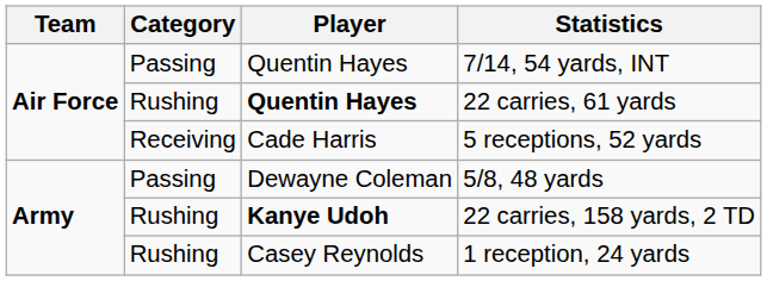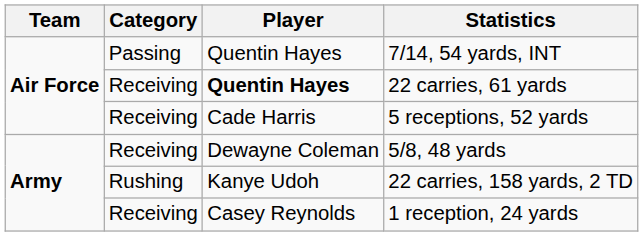 <table class="wikitable" style="float: right;">
 <tr>
 <th>Team</th>
 <th>Category</th>
 <th>Player</th>
 <th>Statistics</th>
 </tr>
 <tr>
 <td rowspan=3><strong>Air Force</strong></td>
 <td>Passing</td>
 <td>Quentin Hayes</td>
 <td>7/14, 54 yards, INT</td>
 </tr>
 <tr>
-<td>Rushing</td>
+<td>Receiving</td>
 <td><strong>Quentin Hayes</strong></td>
 <td>22 carries, 61 yards</td>
 </tr>
 <tr>
 <td>Receiving</td>
 <td>Cade Harris</td>
 <td>5 receptions, 52 yards</td>
 </tr>
 <tr>
 <td rowspan=3><strong>Army</strong></td>
-<td>Passing</td>
+<td>Receiving</td>
 <td>Dewayne Coleman</td>
 <td>5/8, 48 yards</td>
 </tr>
 <tr>
 <td>Rushing</td>
-<td><strong>Kanye Udoh</strong></td>
+<td>Kanye Udoh</td>
 <td>22 carries, 158 yards, 2 TD</td>
 </tr>
 <tr>
-<td>Rushing</td>
+<td>Receiving</td>
 <td>Casey Reynolds</td>
 <td>1 reception, 24 yards</td>
 </tr>
 </table>
